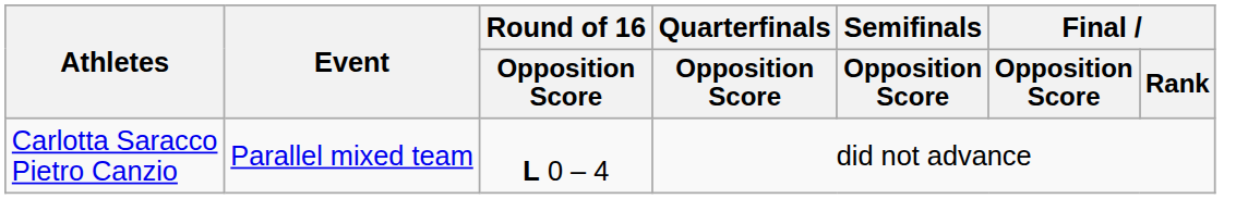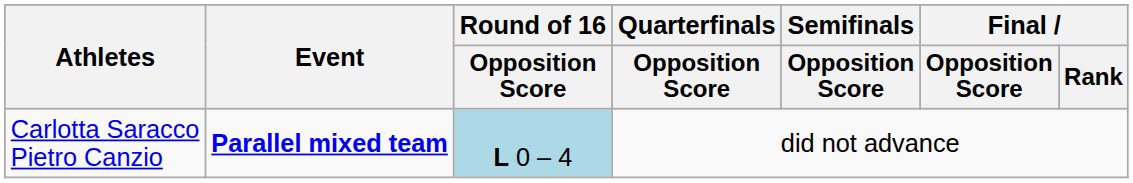 <table class="wikitable" style="font-size:90%">
 <tr>
 <th rowspan="2">Athletes</th>
 <th rowspan="2">Event</th>
 <th>Round of 16</th>
 <th>Quarterfinals</th>
 <th>Semifinals</th>
 <th colspan="2">Final / </th>
 </tr>
 <tr style="font-size:95%">
 <th>Opposition<br>Score</th>
 <th>Opposition<br>Score</th>
 <th>Opposition<br>Score</th>
 <th>Opposition<br>Score</th>
 <th>Rank</th>
 </tr>
 <tr align=center>
 <td align=left><a href='#'>Carlotta Saracco</a><br><a href='#'>Pietro Canzio</a></td>
-<td align=left><a href='#'>Parallel mixed team</a></td>
-<td><br><strong>L</strong> 0 – 4</td>
+<td align=left><strong><a href='#'>Parallel mixed team</a></strong></td>
+<td style="background: lightblue;"><br><strong>L</strong> 0 – 4</td>
 <td colspan=4>did not advance</td>
 </tr>
 </table>
